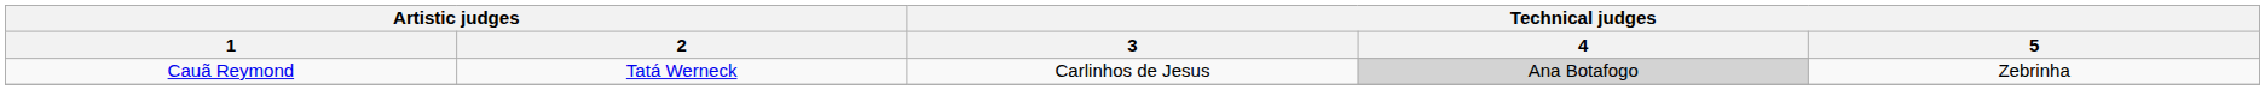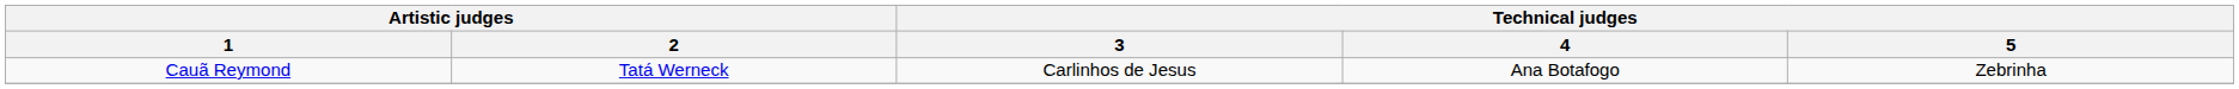 <table class="wikitable" style="font-size:100%; line-height:16px; text-align:center" width="100%">
 <tr>
 <th colspan=2>Artistic judges</th>
 <th colspan=3>Technical judges</th>
 </tr>
 <tr>
 <th width="20.0%">1</th>
 <th width="20.0%">2</th>
 <th width="20.0%">3</th>
 <th width="20.0%">4</th>
 <th width="20.0%">5</th>
 </tr>
 <tr>
 <td><a href='#'>Cauã Reymond</a></td>
 <td><a href='#'>Tatá Werneck</a></td>
 <td>Carlinhos de Jesus</td>
-<td style="background: lightgrey;">Ana Botafogo</td>
+<td>Ana Botafogo</td>
 <td>Zebrinha</td>
 </tr>
 <tr>
 </tr>
 </table>
